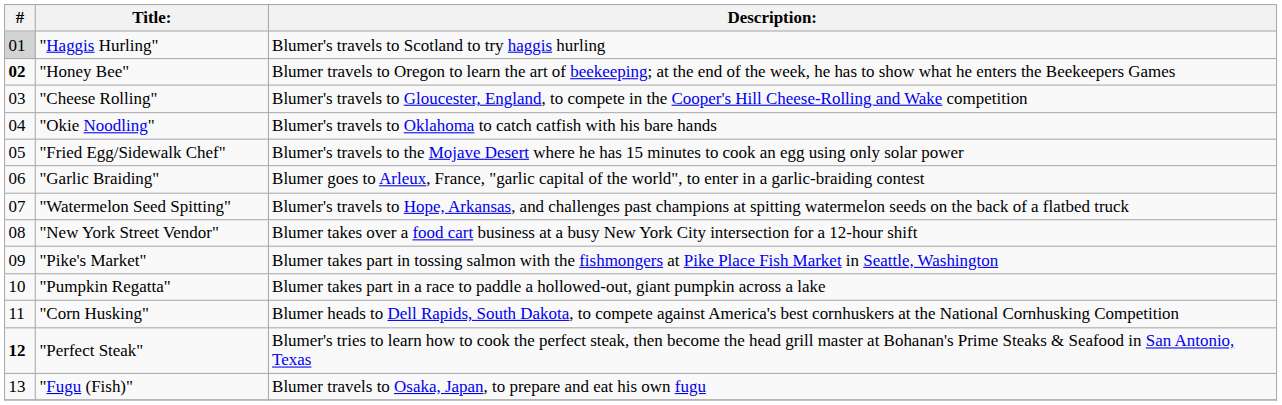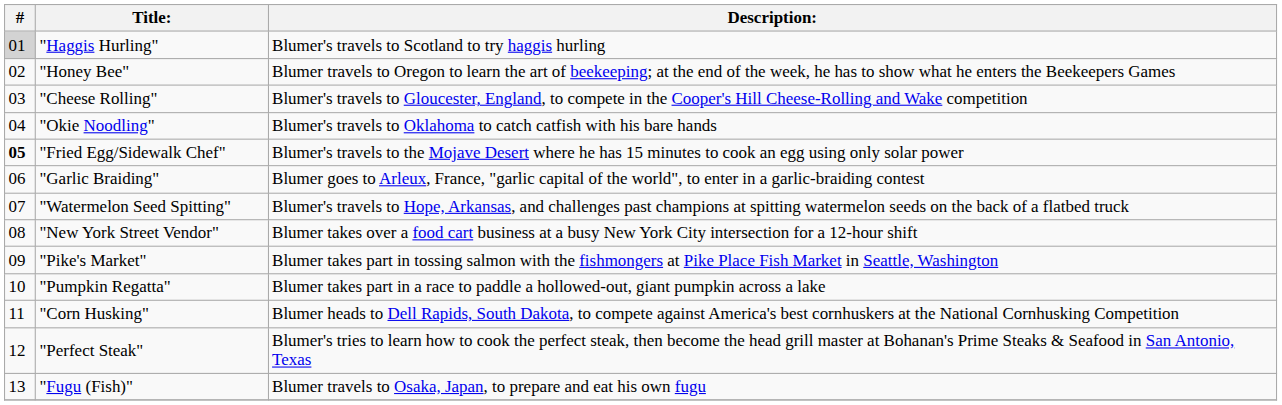 <table class="wikitable" style="width:95%;">
 <tr>
 <th width="2%"><strong>#</strong></th>
 <th width="15%"><strong>Title:</strong></th>
 <th width="65%"><strong>Description:</strong></th>
 </tr>
 <tr>
 <td nowrap="nowrap" style="background: lightgrey;">01</td>
 <td>"<a href='#'>Haggis</a> Hurling"</td>
 <td>Blumer's travels to Scotland to try <a href='#'>haggis</a> hurling</td>
 </tr>
 <tr>
-<td nowrap="nowrap"><strong>02</strong></td>
+<td nowrap="nowrap">02</td>
 <td>"Honey Bee"</td>
 <td>Blumer travels to Oregon to learn the art of <a href='#'>beekeeping</a>; at the end of the week, he has to show what he enters the Beekeepers Games</td>
 </tr>
 <tr>
 <td nowrap="nowrap">03</td>
 <td>"Cheese Rolling"</td>
 <td>Blumer's travels to <a href='#'>Gloucester, England</a>, to compete in the <a href='#'>Cooper's Hill Cheese-Rolling and Wake</a> competition</td>
 </tr>
 <tr>
 <td nowrap="nowrap">04</td>
 <td>"Okie <a href='#'>Noodling</a>"</td>
 <td>Blumer's travels to <a href='#'>Oklahoma</a> to catch catfish with his bare hands</td>
 </tr>
 <tr>
-<td nowrap="nowrap">05</td>
+<td nowrap="nowrap"><strong>05</strong></td>
 <td>"Fried Egg/Sidewalk Chef"</td>
 <td>Blumer's travels to the <a href='#'>Mojave Desert</a> where he has 15 minutes to cook an egg using only solar power</td>
 </tr>
 <tr>
 <td nowrap="nowrap">06</td>
 <td>"Garlic Braiding"</td>
 <td>Blumer goes to <a href='#'>Arleux</a>, France, "garlic capital of the world", to enter in a garlic-braiding contest</td>
 </tr>
 <tr>
 <td nowrap="nowrap">07</td>
 <td>"Watermelon Seed Spitting"</td>
 <td>Blumer's travels to <a href='#'>Hope, Arkansas</a>, and challenges past champions at spitting watermelon seeds on the back of a flatbed truck</td>
 </tr>
 <tr>
 <td nowrap="nowrap">08</td>
 <td>"New York Street Vendor"</td>
 <td>Blumer takes over a <a href='#'>food cart</a> business at a busy New York City intersection for a 12-hour shift</td>
 </tr>
 <tr>
 <td nowrap="nowrap">09</td>
 <td>"Pike's Market"</td>
 <td>Blumer takes part in tossing salmon with the <a href='#'>fishmongers</a> at <a href='#'>Pike Place Fish Market</a> in <a href='#'>Seattle, Washington</a></td>
 </tr>
 <tr>
 <td nowrap="nowrap">10</td>
 <td>"Pumpkin Regatta"</td>
 <td>Blumer takes part in a race to paddle a hollowed-out, giant pumpkin across a lake</td>
 </tr>
 <tr>
 <td nowrap="nowrap">11</td>
 <td>"Corn Husking"</td>
 <td>Blumer heads to <a href='#'>Dell Rapids, South Dakota</a>, to compete against America's best cornhuskers at the National Cornhusking Competition</td>
 </tr>
 <tr>
-<td nowrap="nowrap"><strong>12</strong></td>
+<td nowrap="nowrap">12</td>
 <td>"Perfect Steak"</td>
 <td>Blumer's tries to learn how to cook the perfect steak, then become the head grill master at Bohanan's Prime Steaks & Seafood in <a href='#'>San Antonio, Texas</a></td>
 </tr>
 <tr>
 <td nowrap="nowrap">13</td>
 <td>"<a href='#'>Fugu</a> (Fish)"</td>
 <td>Blumer travels to <a href='#'>Osaka, Japan</a>, to prepare and eat his own <a href='#'>fugu</a></td>
 </tr>
 <tr>
 </tr>
 </table>
